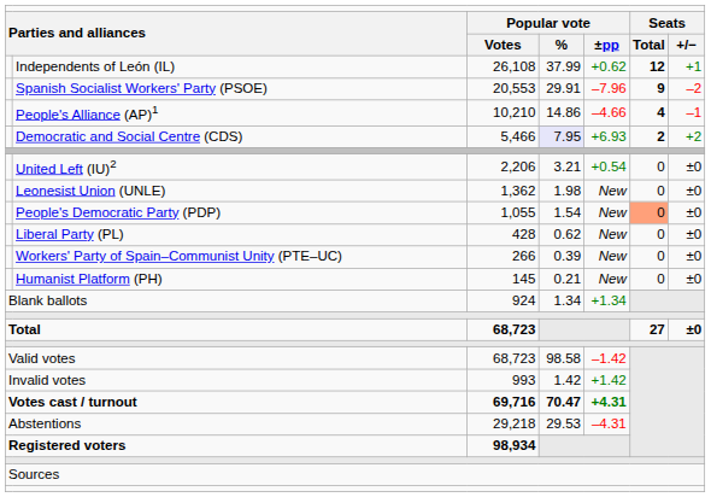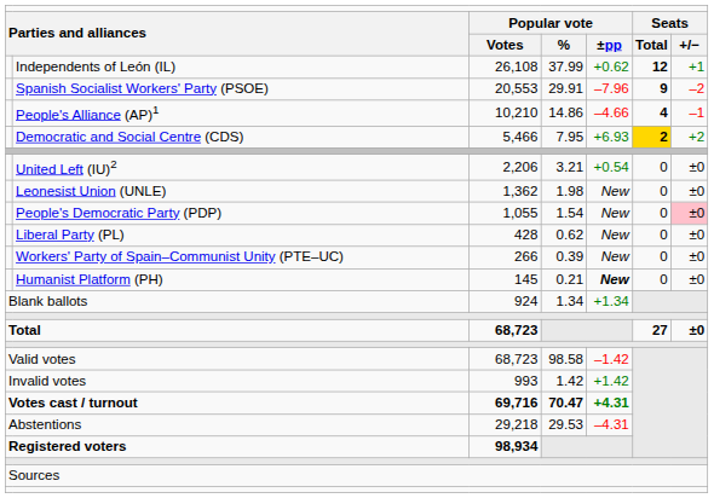 <table class="wikitable" style="text-align:right;">
 <tr>
 <td colspan="7"></td>
 </tr>
 <tr>
 <th style="text-align:left;" rowspan="2" colspan="2" width="525">Parties and alliances</th>
 <th colspan="3">Popular vote</th>
 <th colspan="2">Seats</th>
 </tr>
 <tr>
 <th width="75">Votes</th>
 <th width="45">%</th>
 <th width="45">±<a href='#'>pp</a></th>
 <th width="35">Total</th>
 <th width="35">+/−</th>
 </tr>
 <tr>
 <td width="1" style="color:inherit;background:"></td>
 <td align="left">Independents of León (IL)</td>
 <td>26,108</td>
 <td>37.99</td>
 <td style="color:green;">+0.62</td>
 <td><strong>12</strong></td>
 <td style="color:green;">+1</td>
 </tr>
 <tr>
 <td style="color:inherit;background:"></td>
 <td align="left"><a href='#'>Spanish Socialist Workers' Party</a> (PSOE)</td>
 <td>20,553</td>
 <td>29.91</td>
 <td style="color:red;">–7.96</td>
 <td><strong>9</strong></td>
 <td style="color:red;">–2</td>
 </tr>
 <tr>
 <td style="color:inherit;background:"></td>
 <td align="left"><a href='#'>People's Alliance</a> (AP)<sup>1</sup></td>
 <td>10,210</td>
 <td>14.86</td>
 <td style="color:red;">–4.66</td>
 <td><strong>4</strong></td>
 <td style="color:red;">–1</td>
 </tr>
 <tr>
 <td style="color:inherit;background:"></td>
 <td align="left"><a href='#'>Democratic and Social Centre</a> (CDS)</td>
 <td>5,466</td>
-<td style="background: lavender;">7.95</td>
+<td>7.95</td>
 <td style="color:green;">+6.93</td>
-<td><strong>2</strong></td>
+<td style="background: gold;"><strong>2</strong></td>
 <td style="color:green;">+2</td>
 </tr>
 <tr>
 <td colspan="7" bgcolor="#C0C0C0"></td>
 </tr>
 <tr>
 <td style="color:inherit;background:"></td>
 <td align="left"><a href='#'>United Left</a> (IU)<sup>2</sup></td>
 <td>2,206</td>
 <td>3.21</td>
 <td style="color:green;">+0.54</td>
 <td>0</td>
 <td>±0</td>
 </tr>
 <tr>
 <td style="color:inherit;background:"></td>
 <td align="left"><a href='#'>Leonesist Union</a> (UNLE)</td>
 <td>1,362</td>
 <td>1.98</td>
 <td><em>New</em></td>
 <td>0</td>
 <td>±0</td>
 </tr>
 <tr>
 <td style="color:inherit;background:"></td>
 <td align="left"><a href='#'>People's Democratic Party</a> (PDP)</td>
 <td>1,055</td>
 <td>1.54</td>
 <td><em>New</em></td>
-<td style="background: lightsalmon;">0</td>
-<td>±0</td>
+<td>0</td>
+<td style="background: pink;">±0</td>
 </tr>
 <tr>
 <td style="color:inherit;background:"></td>
 <td align="left"><a href='#'>Liberal Party</a> (PL)</td>
 <td>428</td>
 <td>0.62</td>
 <td><em>New</em></td>
 <td>0</td>
 <td>±0</td>
 </tr>
 <tr>
 <td style="color:inherit;background:"></td>
 <td align="left"><a href='#'>Workers' Party of Spain–Communist Unity</a> (PTE–UC)</td>
 <td>266</td>
 <td>0.39</td>
 <td><em>New</em></td>
 <td>0</td>
 <td>±0</td>
 </tr>
 <tr>
 <td style="color:inherit;background:"></td>
 <td align="left"><a href='#'>Humanist Platform</a> (PH)</td>
 <td>145</td>
 <td>0.21</td>
-<td><em>New</em></td>
+<td><strong><em>New</em></strong></td>
 <td>0</td>
 <td>±0</td>
 </tr>
 <tr>
 <td align="left" colspan="2">Blank ballots</td>
 <td>924</td>
 <td>1.34</td>
 <td style="color:green;">+1.34</td>
 <td bgcolor="#E9E9E9" colspan="2"></td>
 </tr>
 <tr>
 <td colspan="7" bgcolor="#E9E9E9"></td>
 </tr>
 <tr style="font-weight:bold;">
 <td align="left" colspan="2">Total</td>
 <td>68,723</td>
 <td bgcolor="#E9E9E9" colspan="2"></td>
 <td>27</td>
 <td>±0</td>
 </tr>
 <tr>
 <td colspan="7" bgcolor="#E9E9E9"></td>
 </tr>
 <tr>
 <td align="left" colspan="2">Valid votes</td>
 <td>68,723</td>
 <td>98.58</td>
 <td style="color:red;">–1.42</td>
 <td bgcolor="#E9E9E9" colspan="2" rowspan="5"></td>
 </tr>
 <tr>
 <td align="left" colspan="2">Invalid votes</td>
 <td>993</td>
 <td>1.42</td>
 <td style="color:green;">+1.42</td>
 </tr>
 <tr style="font-weight:bold;">
 <td align="left" colspan="2">Votes cast / turnout</td>
 <td>69,716</td>
 <td>70.47</td>
 <td style="color:green;">+4.31</td>
 </tr>
 <tr>
 <td align="left" colspan="2">Abstentions</td>
 <td>29,218</td>
 <td>29.53</td>
 <td style="color:red;">–4.31</td>
 </tr>
 <tr style="font-weight:bold;">
 <td align="left" colspan="2">Registered voters</td>
 <td>98,934</td>
 <td bgcolor="#E9E9E9" colspan="2"></td>
 </tr>
 <tr>
 <td colspan="7" bgcolor="#E9E9E9"></td>
 </tr>
 <tr>
 <td align="left" colspan="7">Sources</td>
 </tr>
 <tr>
 <td colspan="7" style="text-align:left; max-width:790px;"></td>
 </tr>
 </table>
